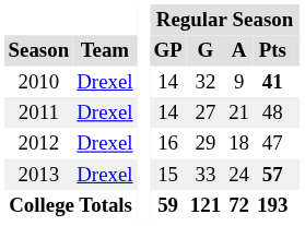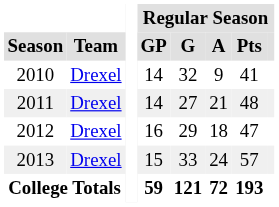 <table BORDER="0" CELLPADDING="3" CELLSPACING="0">
 <tr ALIGN="center" bgcolor="#e0e0e0">
 <th colspan="2" bgcolor="#ffffff"> </th>
 <th rowspan="99" bgcolor="#ffffff"> </th>
 <th colspan="6">Regular Season</th>
 </tr>
 <tr ALIGN="center" bgcolor="#e0e0e0">
 <th>Season</th>
 <th>Team</th>
 <th>GP</th>
 <th>G</th>
 <th>A</th>
 <th>Pts</th>
 <th></th>
 </tr>
 <tr ALIGN="center">
 <td>2010</td>
 <td><a href='#'>Drexel</a></td>
 <td>14</td>
 <td>32</td>
 <td>9</td>
-<td><strong>41</strong></td>
+<td>41</td>
 <td></td>
 </tr>
 <tr ALIGN="center" bgcolor="#f0f0f0">
 <td>2011</td>
 <td><a href='#'>Drexel</a></td>
 <td>14</td>
 <td>27</td>
 <td>21</td>
 <td>48</td>
 <td></td>
 </tr>
 <tr ALIGN="center">
 <td>2012</td>
 <td><a href='#'>Drexel</a></td>
 <td>16</td>
 <td>29</td>
 <td>18</td>
 <td>47</td>
 <td></td>
 </tr>
 <tr ALIGN="center" bgcolor="#f0f0f0">
 <td>2013</td>
 <td><a href='#'>Drexel</a></td>
 <td>15</td>
 <td>33</td>
 <td>24</td>
-<td><strong>57</strong></td>
+<td>57</td>
 <td></td>
 </tr>
 <tr ALIGN="center">
 <th colspan="2">College Totals</th>
 <th>59</th>
 <th>121</th>
 <th>72</th>
 <th>193</th>
 <th></th>
 </tr>
 </table>
